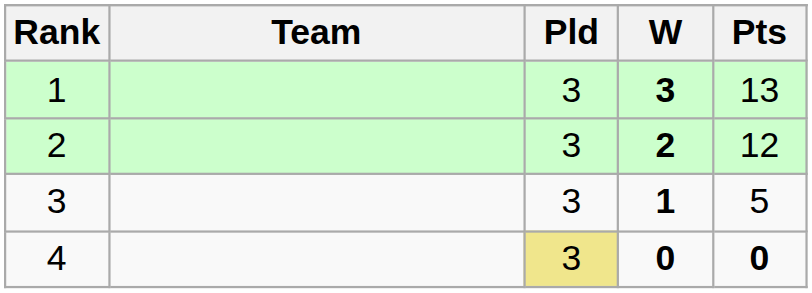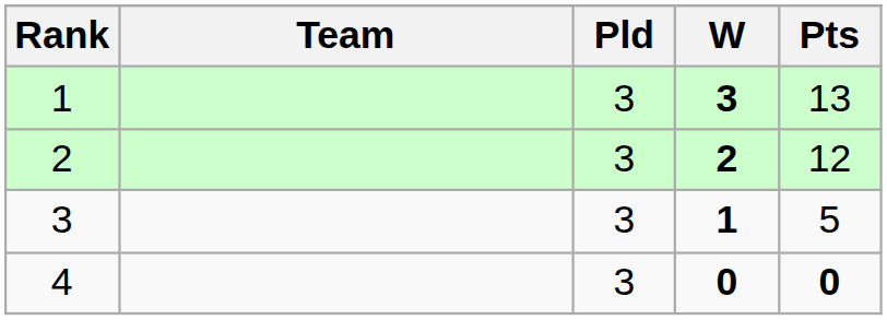 <table class="wikitable">
 <tr>
 </tr>
 <tr>
 <th style="width:35px;">Rank</th>
 <th style="width:180px;">Team</th>
 <th style="width:35px;">Pld</th>
 <th style="width:35px;">W</th>
 <th style="width:35px;">Pts</th>
 </tr>
 <tr bgcolor=#ccffcc>
 <td align=center>1</td>
 <td></td>
 <td align=center>3</td>
 <td align=center><strong>3</strong></td>
 <td align=center>13</td>
 </tr>
 <tr bgcolor=#ccffcc>
 <td align=center>2</td>
 <td></td>
 <td align=center>3</td>
 <td align=center><strong>2</strong></td>
 <td align=center>12</td>
 </tr>
 <tr>
 <td align=center>3</td>
 <td></td>
 <td align=center>3</td>
 <td align=center><strong>1</strong></td>
 <td align=center>5</td>
 </tr>
 <tr>
 <td align=center>4</td>
 <td></td>
-<td align=center style="background: khaki;">3</td>
+<td align=center>3</td>
 <td align=center><strong>0</strong></td>
 <td align=center><strong>0</strong></td>
 </tr>
 </table>
